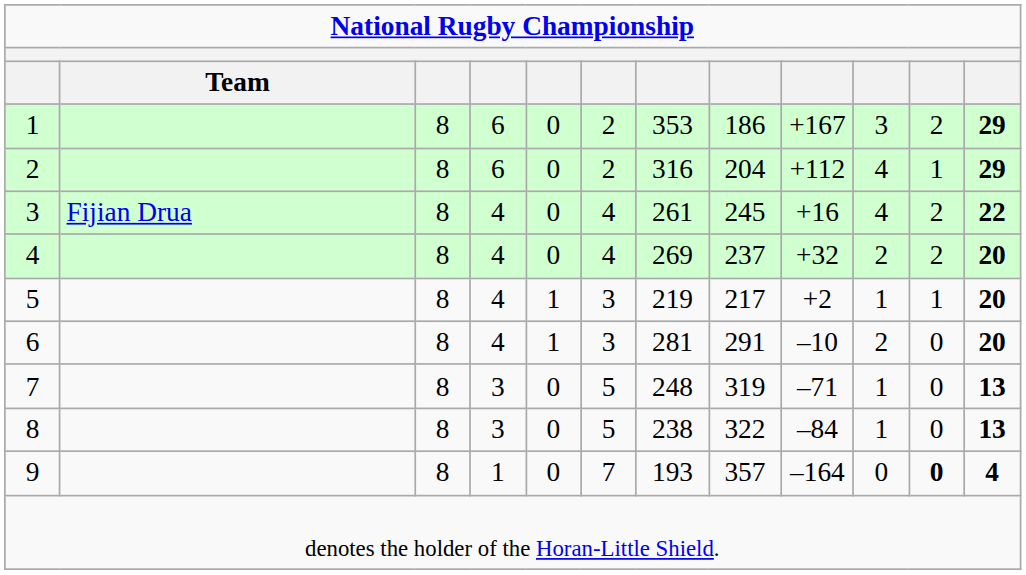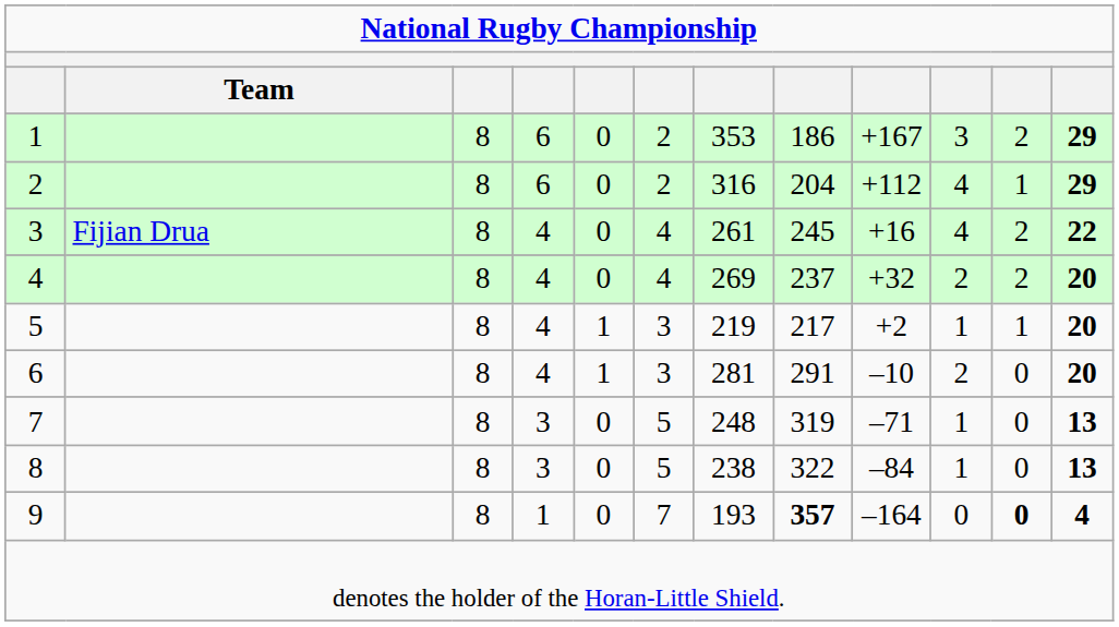 <table class="wikitable" style="text-align: center;">
 <tr style="background:#f9f9f9;">
 <td colspan="15" cellpadding="0" cellspacing="0"><strong><a href='#'>National Rugby Championship</a></strong></td>
 </tr>
 <tr style="background:#f3f3f3;">
 <td colspan="15" cellpadding="0" cellspacing="0"></td>
 </tr>
 <tr style="font-weight: bold;">
 <th style="width:25px;"></th>
 <th scope="col" style="width:200px;">Team</th>
 <th style="width:25px;"></th>
 <th style="width:25px;"></th>
 <th style="width:25px;"></th>
 <th style="width:25px;"></th>
 <th style="width:35px;"></th>
 <th style="width:35px;"></th>
 <th style="width:35px;"></th>
 <th style="width:25px;"></th>
 <th style="width:25px;"></th>
 <th style="width:25px;"></th>
 </tr>
 <tr bgcolor=#d0ffd0>
 <td>1</td>
 <td align=left></td>
 <td>8</td>
 <td>6</td>
 <td>0</td>
 <td>2</td>
 <td>353</td>
 <td>186</td>
 <td>+167</td>
 <td>3</td>
 <td>2</td>
 <td><strong>29</strong></td>
 </tr>
 <tr bgcolor=#d0ffd0>
 <td>2</td>
 <td align=left></td>
 <td>8</td>
 <td>6</td>
 <td>0</td>
 <td>2</td>
 <td>316</td>
 <td>204</td>
 <td>+112</td>
 <td>4</td>
 <td>1</td>
 <td><strong>29</strong></td>
 </tr>
 <tr bgcolor=#d0ffd0>
 <td>3</td>
 <td align=left><a href='#'>Fijian Drua</a></td>
 <td>8</td>
 <td>4</td>
 <td>0</td>
 <td>4</td>
 <td>261</td>
 <td>245</td>
 <td>+16</td>
 <td>4</td>
 <td>2</td>
 <td><strong>22</strong></td>
 </tr>
 <tr bgcolor=#d0ffd0>
 <td>4</td>
 <td align=left>  </td>
 <td>8</td>
 <td>4</td>
 <td>0</td>
 <td>4</td>
 <td>269</td>
 <td>237</td>
 <td>+32</td>
 <td>2</td>
 <td>2</td>
 <td><strong>20</strong></td>
 </tr>
 <tr>
 <td>5</td>
 <td align=left></td>
 <td>8</td>
 <td>4</td>
 <td>1</td>
 <td>3</td>
 <td>219</td>
 <td>217</td>
 <td>+2</td>
 <td>1</td>
 <td>1</td>
 <td><strong>20</strong></td>
 </tr>
 <tr>
 <td>6</td>
 <td align=left></td>
 <td>8</td>
 <td>4</td>
 <td>1</td>
 <td>3</td>
 <td>281</td>
 <td>291</td>
 <td>–10</td>
 <td>2</td>
 <td>0</td>
 <td><strong>20</strong></td>
 </tr>
 <tr>
 <td>7</td>
 <td align=left></td>
 <td>8</td>
 <td>3</td>
 <td>0</td>
 <td>5</td>
 <td>248</td>
 <td>319</td>
 <td>–71</td>
 <td>1</td>
 <td>0</td>
 <td><strong>13</strong></td>
 </tr>
 <tr>
 <td>8</td>
 <td align=left></td>
 <td>8</td>
 <td>3</td>
 <td>0</td>
 <td>5</td>
 <td>238</td>
 <td>322</td>
 <td>–84</td>
 <td>1</td>
 <td>0</td>
 <td><strong>13</strong></td>
 </tr>
 <tr>
 <td>9</td>
 <td align=left></td>
 <td>8</td>
 <td>1</td>
 <td>0</td>
 <td>7</td>
 <td>193</td>
-<td>357</td>
+<td><strong>357</strong></td>
 <td>–164</td>
 <td>0</td>
 <td><strong>0</strong></td>
 <td><strong>4</strong></td>
 </tr>
 <tr>
 <td colspan="15" style="border:0;"><br><small> denotes the holder of the <a href='#'>Horan-Little Shield</a>.</small><br></td>
 </tr>
 </table>
